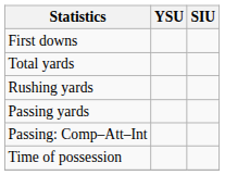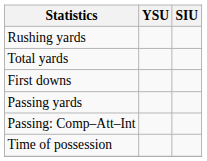 <table class="wikitable" style="float: left;">
 <tr>
 <th>Statistics</th>
 <th>YSU</th>
 <th>SIU</th>
 </tr>
 <tr>
-<td>First downs</td>
+<td>Rushing yards</td>
 <td></td>
 <td></td>
 </tr>
 <tr>
 <td>Total yards</td>
 <td></td>
 <td></td>
 </tr>
 <tr>
-<td>Rushing yards</td>
+<td>First downs</td>
 <td></td>
 <td></td>
 </tr>
 <tr>
 <td>Passing yards</td>
 <td></td>
 <td></td>
 </tr>
 <tr>
 <td>Passing: Comp–Att–Int</td>
 <td></td>
 <td></td>
 </tr>
 <tr>
 <td>Time of possession</td>
 <td></td>
 <td></td>
 </tr>
 <tr>
 </tr>
 </table>
